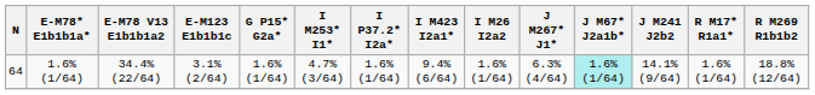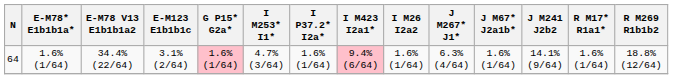 <table class="wikitable sortable" style="text-align:center; font-size: 70%;">
 <tr>
 <th>N</th>
 <th>E-M78* E1b1b1a*</th>
 <th>E-M78 V13 E1b1b1a2</th>
 <th>E-M123 E1b1b1c</th>
 <th>G P15* G2a*</th>
 <th>I M253* I1*</th>
 <th>I P37.2* I2a*</th>
 <th>I M423 I2a1*</th>
 <th>I M26 I2a2</th>
 <th>J M267* J1*</th>
 <th>J M67* J2a1b*</th>
 <th>J M241 J2b2</th>
 <th>R M17* R1a1*</th>
 <th>R M269 R1b1b2</th>
 </tr>
 <tr>
 <td>64</td>
 <td>1.6%<br>(1/64)</td>
 <td>34.4%<br>(22/64)</td>
 <td>3.1%<br>(2/64)</td>
-<td>1.6%<br>(1/64)</td>
+<td style="background: pink;">1.6%<br>(1/64)</td>
 <td>4.7%<br>(3/64)</td>
 <td>1.6%<br>(1/64)</td>
-<td>9.4%<br>(6/64)</td>
+<td style="background: pink;">9.4%<br>(6/64)</td>
 <td>1.6%<br>(1/64)</td>
 <td>6.3%<br>(4/64)</td>
-<td style="background: paleturquoise;">1.6%<br>(1/64)</td>
+<td>1.6%<br>(1/64)</td>
 <td>14.1%<br>(9/64)</td>
 <td>1.6%<br>(1/64)</td>
 <td>18.8%<br>(12/64)</td>
 </tr>
 <tr>
 </tr>
 </table>
